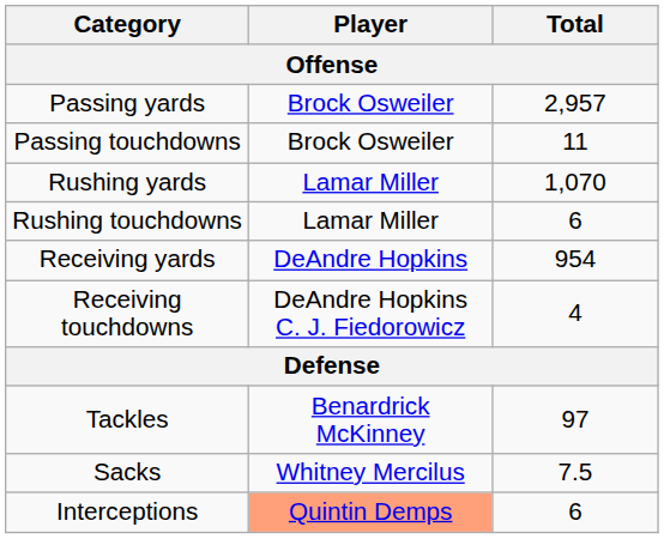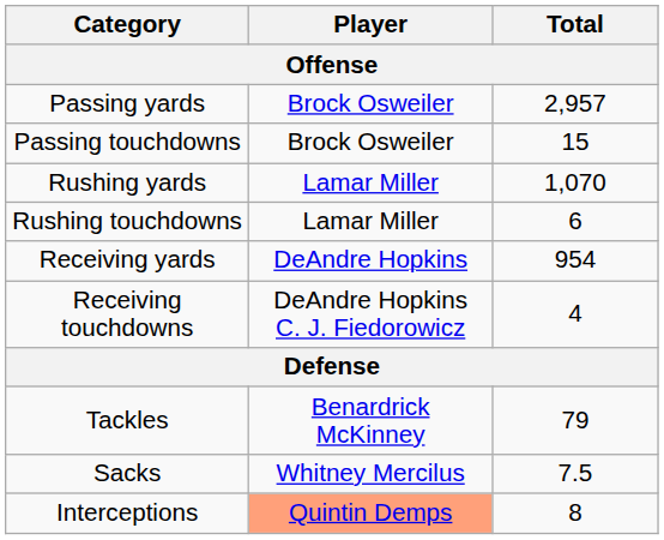 <table class="wikitable" style="text-align:center">
 <tr>
 <th width="150">Category</th>
 <th width="150">Player</th>
 <th width="100">Total</th>
 </tr>
 <tr>
 <th align="center" colspan="4">Offense</th>
 </tr>
 <tr>
 <td>Passing yards</td>
 <td><a href='#'>Brock Osweiler</a></td>
 <td>2,957</td>
 </tr>
 <tr>
 <td>Passing touchdowns</td>
 <td>Brock Osweiler</td>
-<td>11</td>
+<td>15</td>
 </tr>
 <tr>
 <td>Rushing yards</td>
 <td><a href='#'>Lamar Miller</a></td>
 <td>1,070</td>
 </tr>
 <tr>
 <td>Rushing touchdowns</td>
 <td>Lamar Miller</td>
 <td>6</td>
 </tr>
 <tr>
 <td>Receiving yards</td>
 <td><a href='#'>DeAndre Hopkins</a></td>
 <td>954</td>
 </tr>
 <tr>
 <td>Receiving touchdowns</td>
 <td>DeAndre Hopkins<br><a href='#'>C. J. Fiedorowicz</a></td>
 <td>4</td>
 </tr>
 <tr>
 <th align="center" colspan="4">Defense</th>
 </tr>
 <tr>
 <td>Tackles </td>
 <td><a href='#'>Benardrick McKinney</a></td>
-<td>97</td>
+<td>79</td>
 </tr>
 <tr>
 <td>Sacks</td>
 <td><a href='#'>Whitney Mercilus</a></td>
 <td>7.5</td>
 </tr>
 <tr>
 <td>Interceptions</td>
 <td style="background: lightsalmon;"><a href='#'>Quintin Demps</a></td>
-<td>6</td>
+<td>8</td>
 </tr>
 </table>
